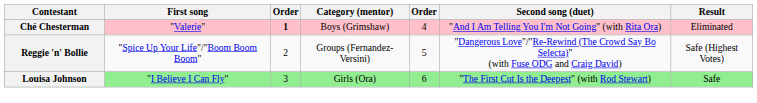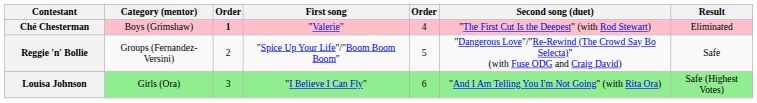 <table class="wikitable plainrowheaders" style="text-align:center;">
 <tr>
 <th scope="col" style="width:10em;">Contestant</th>
+<th scope="col">Category (mentor)</th>
+<th scope="col">Order</th>
 <th scope="col">First song</th>
-<th scope="col">Order</th>
-<th scope="col">Category (mentor)</th>
 <th scope="col">Order</th>
 <th scope="col">Second song (duet)</th>
 <th scope="col">Result</th>
 </tr>
 <tr style="background:pink;">
 <th scope="row">Ché Chesterman</th>
+<td>Boys (Grimshaw)</td>
+<td><strong>1</strong></td>
 <td>"<a href='#'>Valerie</a>"</td>
-<td><strong>1</strong></td>
-<td>Boys (Grimshaw)</td>
 <td>4</td>
-<td>"<a href='#'>And I Am Telling You I'm Not Going</a>" (with <a href='#'>Rita Ora</a>)</td>
+<td>"<a href='#'>The First Cut Is the Deepest</a>" (with <a href='#'>Rod Stewart</a>)</td>
 <td>Eliminated</td>
 </tr>
 <tr>
 <th scope="row">Reggie 'n' Bollie</th>
+<td>Groups (Fernandez-Versini)</td>
+<td>2</td>
 <td>"<a href='#'>Spice Up Your Life</a>"/"<a href='#'>Boom Boom Boom</a>"</td>
-<td>2</td>
-<td>Groups (Fernandez-Versini)</td>
 <td>5</td>
 <td>"<a href='#'>Dangerous Love</a>"/"<a href='#'>Re-Rewind (The Crowd Say Bo Selecta)</a>"<br>(with <a href='#'>Fuse ODG</a> and <a href='#'>Craig David</a>)</td>
-<td>Safe (Highest Votes)</td>
+<td>Safe</td>
 </tr>
 <tr style="background:lightgreen;">
 <th scope="row">Louisa Johnson</th>
+<td>Girls (Ora)</td>
+<td>3</td>
 <td>"<a href='#'>I Believe I Can Fly</a>"</td>
-<td>3</td>
-<td>Girls (Ora)</td>
 <td>6</td>
-<td>"<a href='#'>The First Cut Is the Deepest</a>" (with <a href='#'>Rod Stewart</a>)</td>
-<td>Safe</td>
+<td>"<a href='#'>And I Am Telling You I'm Not Going</a>" (with <a href='#'>Rita Ora</a>)</td>
+<td>Safe (Highest Votes)</td>
 </tr>
 </table>
